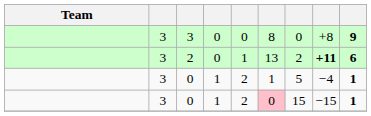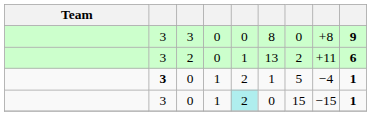 <table class="wikitable" style="text-align: center;">
 <tr>
 <th width="165">Team</th>
 <th width="25"></th>
 <th width="25"></th>
 <th width="25"></th>
 <th width="25"></th>
 <th width="25"></th>
 <th width="25"></th>
 <th width="25"></th>
 <th width="25"></th>
 </tr>
 <tr style="background:#cfc;">
 <td align=left></td>
 <td>3</td>
 <td>3</td>
 <td>0</td>
 <td>0</td>
 <td>8</td>
 <td>0</td>
 <td>+8</td>
 <td><strong>9</strong></td>
 </tr>
 <tr style="background:#cfc;">
 <td align=left></td>
 <td>3</td>
 <td>2</td>
 <td>0</td>
 <td>1</td>
 <td>13</td>
 <td>2</td>
-<td><strong>+11</strong></td>
+<td>+11</td>
 <td><strong>6</strong></td>
 </tr>
 <tr>
 <td align=left></td>
-<td>3</td>
+<td><strong>3</strong></td>
 <td>0</td>
 <td>1</td>
 <td>2</td>
 <td>1</td>
 <td>5</td>
 <td>−4</td>
 <td><strong>1</strong></td>
 </tr>
 <tr>
 <td align=left></td>
 <td>3</td>
 <td>0</td>
 <td>1</td>
-<td>2</td>
-<td style="background: pink;">0</td>
+<td style="background: paleturquoise;">2</td>
+<td>0</td>
 <td>15</td>
 <td>−15</td>
 <td><strong>1</strong></td>
 </tr>
 <tr>
 </tr>
 </table>
